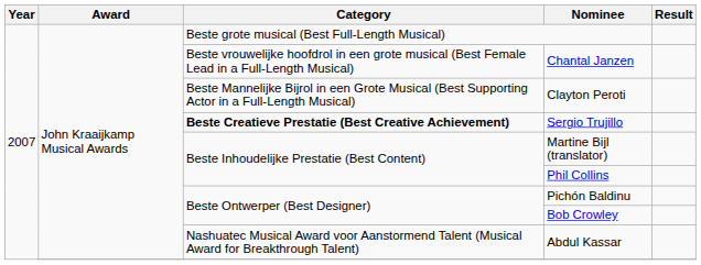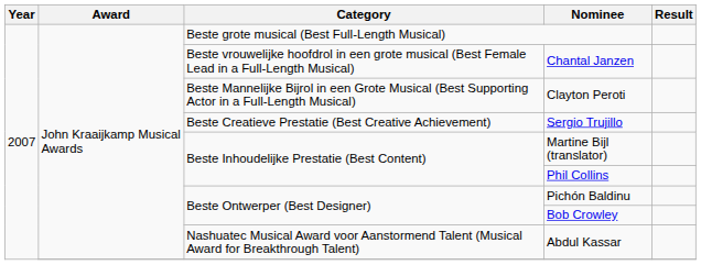 <table class="wikitable" style="width:100%;">
 <tr>
 <th>Year</th>
 <th><strong>Award</strong></th>
 <th><strong>Category</strong></th>
 <th><strong>Nominee</strong></th>
 <th>Result</th>
 </tr>
 <tr>
 <td rowspan="25" style="text-align: center;">2007</td>
 <td rowspan="9">John Kraaijkamp Musical Awards</td>
 <td colspan="2">Beste grote musical (Best Full-Length Musical)</td>
 <td></td>
 </tr>
 <tr>
 <td>Beste vrouwelijke hoofdrol in een grote musical (Best Female Lead in a Full-Length Musical)</td>
 <td><a href='#'>Chantal Janzen</a></td>
 <td></td>
 </tr>
 <tr>
 <td>Beste Mannelijke Bijrol in een Grote Musical (Best Supporting Actor in a Full-Length Musical)</td>
 <td>Clayton Peroti</td>
 <td></td>
 </tr>
 <tr>
-<td><strong>Beste Creatieve Prestatie (Best Creative Achievement)</strong></td>
+<td>Beste Creatieve Prestatie (Best Creative Achievement)</td>
 <td><a href='#'>Sergio Trujillo</a></td>
 <td></td>
 </tr>
 <tr>
 <td rowspan="2">Beste Inhoudelijke Prestatie (Best Content)</td>
 <td>Martine Bijl (translator)</td>
 <td></td>
 </tr>
 <tr>
 <td><a href='#'>Phil Collins</a></td>
 <td></td>
 </tr>
 <tr>
 <td rowspan="2">Beste Ontwerper (Best Designer)</td>
 <td>Pichón Baldinu</td>
 <td></td>
 </tr>
 <tr>
 <td><a href='#'>Bob Crowley</a></td>
 <td></td>
 </tr>
 <tr>
 <td>Nashuatec Musical Award voor Aanstormend Talent (Musical Award for Breakthrough Talent)</td>
 <td>Abdul Kassar</td>
 <td></td>
 </tr>
 <tr>
 </tr>
 </table>
